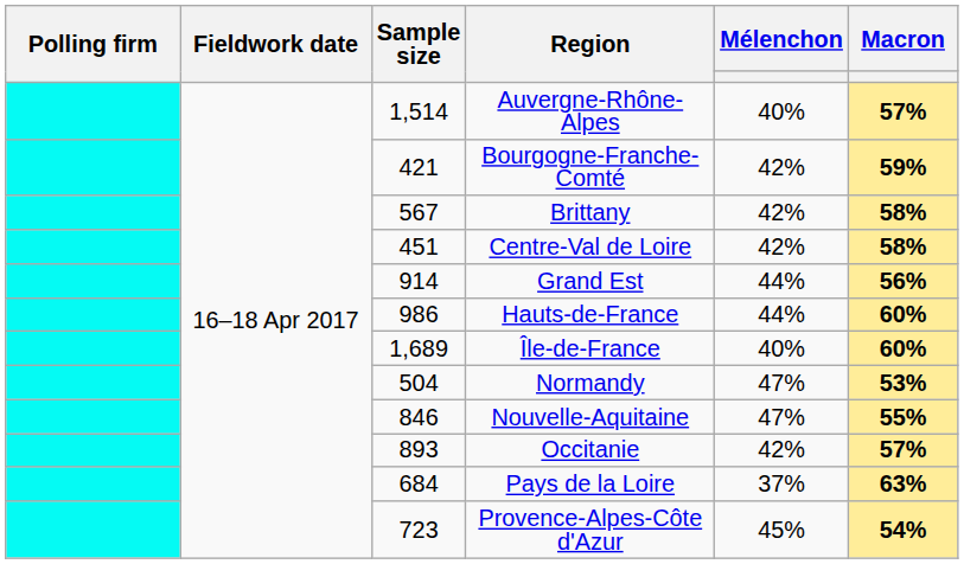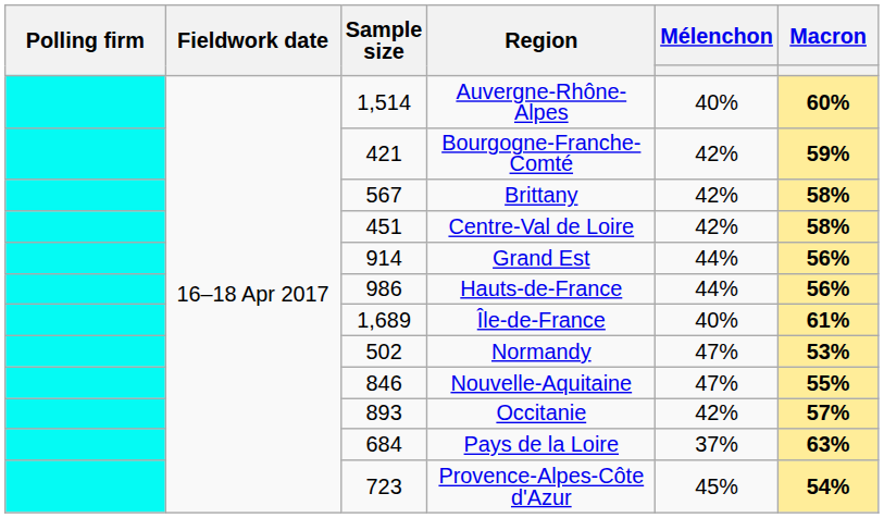 <table class="wikitable sortable" style="text-align:center;font-size:90%;line-height:14px;">
 <tr style="height:40px;">
 <th style="width:100px;" rowspan="2">Polling firm</th>
 <th style="width:110px;" rowspan="2">Fieldwork date</th>
 <th style="width:35px;" rowspan="2">Sample<br>size</th>
 <th style="width:145px;" rowspan="2">Region</th>
 <th class="unsortable" style="width:60px;"><a href='#'>Mélenchon</a><br></th>
 <th class="unsortable" style="width:60px;"><a href='#'>Macron</a><br></th>
 </tr>
 <tr>
 <th style="background:"></th>
 <th style="background:"></th>
 </tr>
 <tr>
 <td style="background:#04FBF4;"></td>
 <td rowspan="12" data-sort-value="2017-04-18">16–18 Apr 2017</td>
 <td>1,514</td>
 <td><a href='#'>Auvergne-Rhône-Alpes</a></td>
 <td>40%</td>
-<td style="background:#FFED99;"><strong>57%</strong></td>
+<td style="background:#FFED99;"><strong>60%</strong></td>
 </tr>
 <tr>
 <td style="background:#04FBF4;"></td>
 <td>421</td>
 <td><a href='#'>Bourgogne-Franche-Comté</a></td>
 <td>42%</td>
 <td style="background:#FFED99;"><strong>59%</strong></td>
 </tr>
 <tr>
 <td style="background:#04FBF4;"></td>
 <td>567</td>
 <td><a href='#'>Brittany</a></td>
 <td>42%</td>
 <td style="background:#FFED99;"><strong>58%</strong></td>
 </tr>
 <tr>
 <td style="background:#04FBF4;"></td>
 <td>451</td>
 <td><a href='#'>Centre-Val de Loire</a></td>
 <td>42%</td>
 <td style="background:#FFED99;"><strong>58%</strong></td>
 </tr>
 <tr>
 <td style="background:#04FBF4;"></td>
 <td>914</td>
 <td><a href='#'>Grand Est</a></td>
 <td>44%</td>
 <td style="background:#FFED99;"><strong>56%</strong></td>
 </tr>
 <tr>
 <td style="background:#04FBF4;"></td>
 <td>986</td>
 <td><a href='#'>Hauts-de-France</a></td>
 <td>44%</td>
-<td style="background:#FFED99;"><strong>60%</strong></td>
+<td style="background:#FFED99;"><strong>56%</strong></td>
 </tr>
 <tr>
 <td style="background:#04FBF4;"></td>
 <td>1,689</td>
 <td><a href='#'>Île-de-France</a></td>
 <td>40%</td>
-<td style="background:#FFED99;"><strong>60%</strong></td>
+<td style="background:#FFED99;"><strong>61%</strong></td>
 </tr>
 <tr>
 <td style="background:#04FBF4;"></td>
-<td>504</td>
+<td>502</td>
 <td><a href='#'>Normandy</a></td>
 <td>47%</td>
 <td style="background:#FFED99;"><strong>53%</strong></td>
 </tr>
 <tr>
 <td style="background:#04FBF4;"></td>
 <td>846</td>
 <td><a href='#'>Nouvelle-Aquitaine</a></td>
 <td>47%</td>
 <td style="background:#FFED99;"><strong>55%</strong></td>
 </tr>
 <tr>
 <td style="background:#04FBF4;"></td>
 <td>893</td>
 <td><a href='#'>Occitanie</a></td>
 <td>42%</td>
 <td style="background:#FFED99;"><strong>57%</strong></td>
 </tr>
 <tr>
 <td style="background:#04FBF4;"></td>
 <td>684</td>
 <td><a href='#'>Pays de la Loire</a></td>
 <td>37%</td>
 <td style="background:#FFED99;"><strong>63%</strong></td>
 </tr>
 <tr>
 <td style="background:#04FBF4;"></td>
 <td>723</td>
 <td><a href='#'>Provence-Alpes-Côte d'Azur</a></td>
 <td>45%</td>
 <td style="background:#FFED99;"><strong>54%</strong></td>
 </tr>
 </table>
